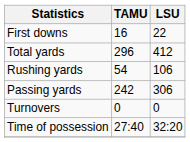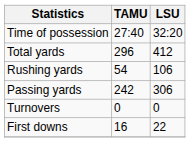 <table class="wikitable" style="float: left;">
 <tr>
 <th>Statistics</th>
 <th>TAMU</th>
 <th>LSU</th>
 </tr>
 <tr>
-<td>First downs</td>
-<td>16</td>
-<td>22</td>
+<td>Time of possession</td>
+<td>27:40</td>
+<td>32:20</td>
 </tr>
 <tr>
 <td>Total yards</td>
 <td>296</td>
 <td>412</td>
 </tr>
 <tr>
 <td>Rushing yards</td>
 <td>54</td>
 <td>106</td>
 </tr>
 <tr>
 <td>Passing yards</td>
 <td>242</td>
 <td>306</td>
 </tr>
 <tr>
 <td>Turnovers</td>
 <td>0</td>
 <td>0</td>
 </tr>
 <tr>
-<td>Time of possession</td>
-<td>27:40</td>
-<td>32:20</td>
+<td>First downs</td>
+<td>16</td>
+<td>22</td>
 </tr>
 <tr>
 </tr>
 </table>
